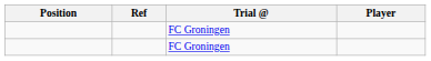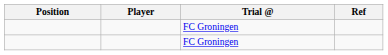 <table class="wikitable sortable" style="width:50%; text-align:center; font-size:100%; text-align:left;">
 <tr>
 <th>Position</th>
+<th>Player</th>
+<th>Trial @</th>
 <th>Ref</th>
-<th>Trial @</th>
-<th>Player</th>
 </tr>
 <tr>
 <td></td>
 <td></td>
 <td> <a href='#'>FC Groningen</a></td>
 <td></td>
 </tr>
 <tr>
 <td></td>
 <td></td>
 <td> <a href='#'>FC Groningen</a></td>
 <td></td>
 </tr>
 </table>
